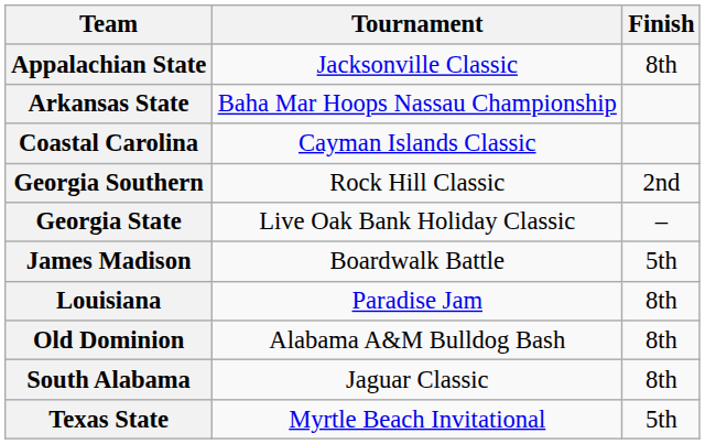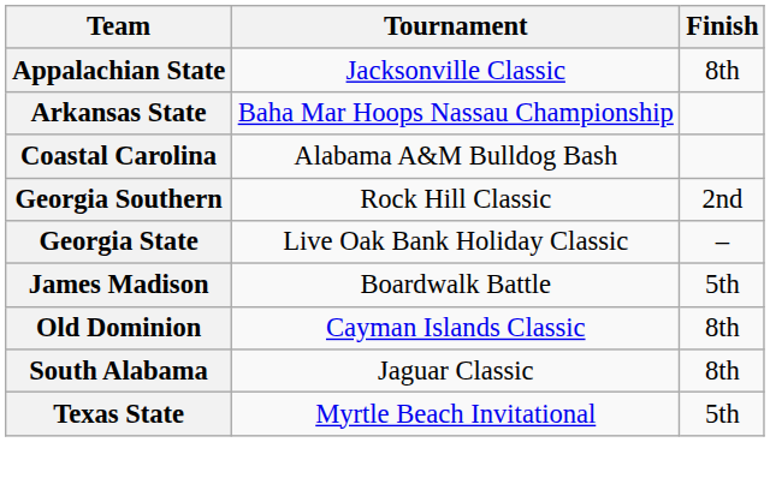 <table class="wikitable">
 <tr>
 <th>Team</th>
 <th>Tournament</th>
 <th>Finish</th>
 </tr>
 <tr style="text-align:center;">
 <th>Appalachian State</th>
 <td><a href='#'>Jacksonville Classic</a></td>
 <td>8th</td>
 </tr>
 <tr style="text-align:center;">
 <th>Arkansas State</th>
 <td><a href='#'>Baha Mar Hoops Nassau Championship</a></td>
 <td></td>
 </tr>
 <tr style="text-align:center;">
 <th>Coastal Carolina</th>
-<td><a href='#'>Cayman Islands Classic</a></td>
+<td>Alabama A&M Bulldog Bash</td>
 <td></td>
 </tr>
 <tr style="text-align:center;">
 <th>Georgia Southern</th>
 <td>Rock Hill Classic</td>
 <td>2nd</td>
 </tr>
 <tr style="text-align:center;">
 <th>Georgia State</th>
 <td>Live Oak Bank Holiday Classic</td>
 <td>–</td>
 </tr>
 <tr style="text-align:center;">
 <th>James Madison</th>
 <td>Boardwalk Battle</td>
 <td>5th</td>
 </tr>
 <tr style="text-align:center;">
-<th>Louisiana</th>
-<td><a href='#'>Paradise Jam</a></td>
-<td>8th</td>
-</tr>
-<tr style="text-align:center;">
 <th>Old Dominion</th>
-<td>Alabama A&M Bulldog Bash</td>
+<td><a href='#'>Cayman Islands Classic</a></td>
 <td>8th</td>
 </tr>
 <tr style="text-align:center;">
 <th>South Alabama</th>
 <td>Jaguar Classic</td>
 <td>8th</td>
 </tr>
 <tr style="text-align:center;">
 <th>Texas State</th>
 <td><a href='#'>Myrtle Beach Invitational</a></td>
 <td>5th</td>
 </tr>
 </table>
